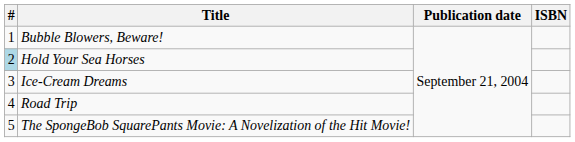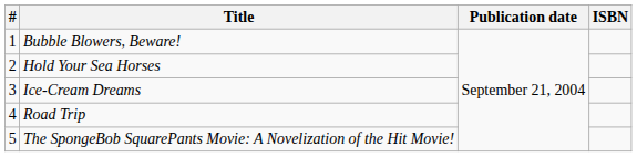 <table class="wikitable">
 <tr>
 <th>#</th>
 <th>Title</th>
 <th>Publication date</th>
 <th>ISBN</th>
 </tr>
 <tr>
 <td>1</td>
 <td><em>Bubble Blowers, Beware!</em></td>
 <td rowspan="5">September 21, 2004</td>
 <td></td>
 </tr>
 <tr>
-<td style="background: lightblue;">2</td>
+<td>2</td>
 <td><em>Hold Your Sea Horses</em></td>
 <td></td>
 </tr>
 <tr>
 <td>3</td>
 <td><em>Ice-Cream Dreams</em></td>
 <td></td>
 </tr>
 <tr>
 <td>4</td>
 <td><em>Road Trip</em></td>
 <td></td>
 </tr>
 <tr>
 <td>5</td>
 <td><em>The SpongeBob SquarePants Movie: A Novelization of the Hit Movie!</em></td>
 <td></td>
 </tr>
 </table>
